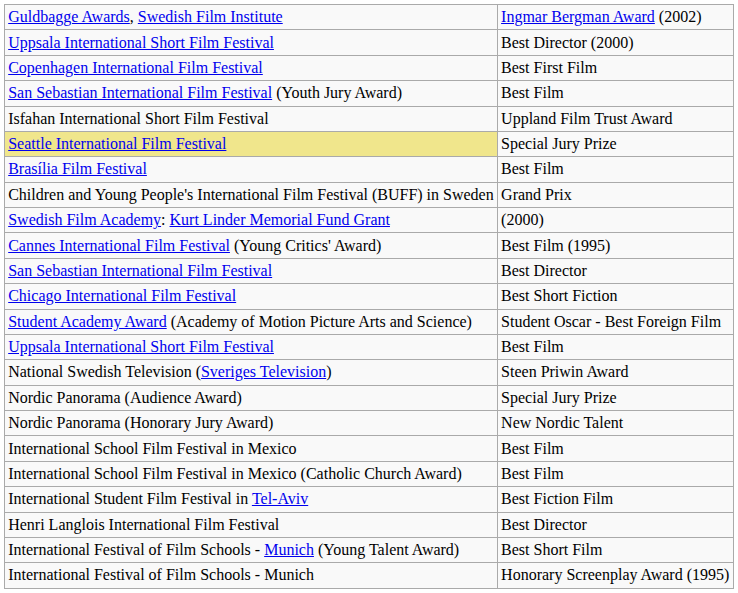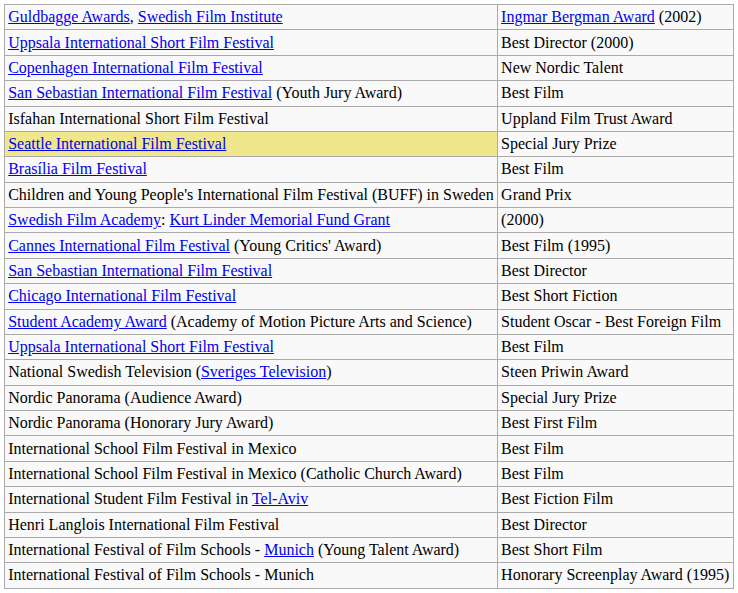 <table class="wikitable">
 <tr>
 </tr>
 <tr>
 <td align="left"><a href='#'>Guldbagge Awards</a>, <a href='#'>Swedish Film Institute</a></td>
 <td align="left"><a href='#'>Ingmar Bergman Award</a> (2002)</td>
 </tr>
 <tr>
 </tr>
 <tr>
 <td align="left"><a href='#'>Uppsala International Short Film Festival</a></td>
 <td align="left">Best Director (2000)</td>
 </tr>
 <tr>
 </tr>
 <tr>
 <td align="left"><a href='#'>Copenhagen International Film Festival</a></td>
-<td align="left">Best First Film</td>
+<td align="left">New Nordic Talent</td>
 </tr>
 <tr>
 </tr>
 <tr>
 <td align="left"><a href='#'>San Sebastian International Film Festival</a> (Youth Jury Award)</td>
 <td align="left">Best Film</td>
 </tr>
 <tr>
 <td align="left">Isfahan International Short Film Festival</td>
 <td align="left">Uppland Film Trust Award</td>
 </tr>
 <tr>
 <td align="left" style="background: khaki;"><a href='#'>Seattle International Film Festival</a></td>
 <td align="left">Special Jury Prize</td>
 </tr>
 <tr>
 <td align="left"><a href='#'>Brasília Film Festival</a></td>
 <td align="left">Best Film</td>
 </tr>
 <tr>
 <td align="left">Children and Young People's International Film Festival (BUFF) in Sweden</td>
 <td align="left">Grand Prix</td>
 </tr>
 <tr>
 <td align="left"><a href='#'>Swedish Film Academy</a>: <a href='#'>Kurt Linder Memorial Fund Grant</a></td>
 <td align="left">(2000)</td>
 </tr>
 <tr>
 </tr>
 <tr>
 <td align="left"><a href='#'>Cannes International Film Festival</a> (Young Critics' Award)</td>
 <td align="left">Best Film (1995)</td>
 </tr>
 <tr>
 <td align="left"><a href='#'>San Sebastian International Film Festival</a></td>
 <td align="left">Best Director</td>
 </tr>
 <tr>
 <td align="left"><a href='#'>Chicago International Film Festival</a></td>
 <td align="left">Best Short Fiction</td>
 </tr>
 <tr>
 </tr>
 <tr>
 <td align="left"><a href='#'>Student Academy Award</a> (Academy of Motion Picture Arts and Science)</td>
 <td align="left">Student Oscar - Best Foreign Film</td>
 </tr>
 <tr>
 <td align="left"><a href='#'>Uppsala International Short Film Festival</a></td>
 <td align="left">Best Film</td>
 </tr>
 <tr>
 <td align="left">National Swedish Television (<a href='#'>Sveriges Television</a>)</td>
 <td align="left">Steen Priwin Award</td>
 </tr>
 <tr>
 <td align="left">Nordic Panorama (Audience Award)</td>
 <td align="left">Special Jury Prize</td>
 </tr>
 <tr>
 <td align="left">Nordic Panorama (Honorary Jury Award)</td>
-<td align="left">New Nordic Talent</td>
+<td align="left">Best First Film</td>
 </tr>
 <tr>
 <td align="left">International School Film Festival in Mexico</td>
 <td align="left">Best Film</td>
 </tr>
 <tr>
 <td align="left">International School Film Festival in Mexico (Catholic Church Award)</td>
 <td align="left">Best Film</td>
 </tr>
 <tr>
 <td align="left">International Student Film Festival in <a href='#'>Tel-Aviv</a></td>
 <td align="left">Best Fiction Film</td>
 </tr>
 <tr>
 <td align="left">Henri Langlois International Film Festival</td>
 <td align="left">Best Director</td>
 </tr>
 <tr>
 <td align="left">International Festival of Film Schools - <a href='#'>Munich</a> (Young Talent Award)</td>
 <td align="left">Best Short Film</td>
 </tr>
 <tr>
 <td align="left">International Festival of Film Schools - Munich</td>
 <td align="left">Honorary Screenplay Award (1995)</td>
 </tr>
 </table>
